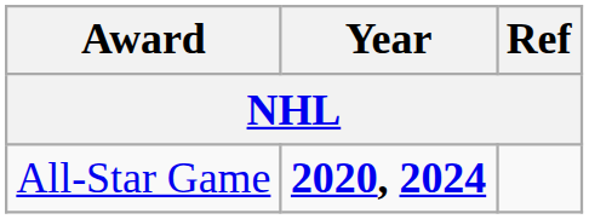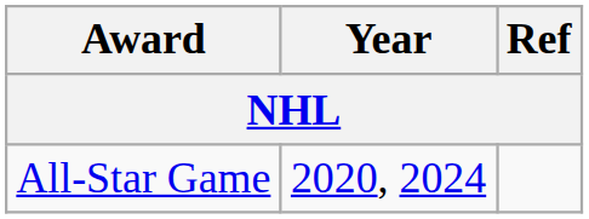 <table class="wikitable">
 <tr>
 <th>Award</th>
 <th>Year</th>
 <th>Ref</th>
 </tr>
 <tr>
 <th colspan="3"><a href='#'>NHL</a></th>
 </tr>
 <tr>
 <td><a href='#'>All-Star Game</a></td>
-<td><strong><a href='#'>2020</a>, <a href='#'>2024</a></strong></td>
+<td><a href='#'>2020</a>, <a href='#'>2024</a></td>
 <td></td>
 </tr>
 </table>
